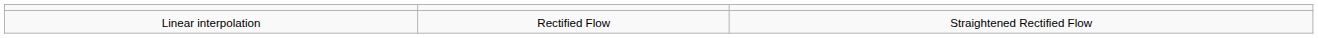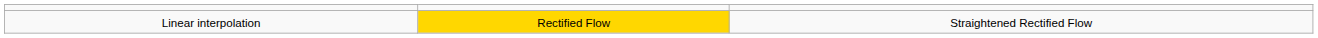 <table class="wikitable" style="border: 1px solid #ccc; width: 95%;">
 <tr>
 <td style="text-align: center;"></td>
 <td style="text-align: center;"></td>
 <td style="text-align: center;"></td>
 </tr>
 <tr>
 <td style="text-align: center;"><small>Linear interpolation </small></td>
-<td style="text-align: center;"><small>Rectified Flow </small></td>
+<td style="background: gold; text-align: center;"><small>Rectified Flow </small></td>
 <td style="text-align: center;"><small>Straightened Rectified Flow  </small></td>
 </tr>
 </table>
